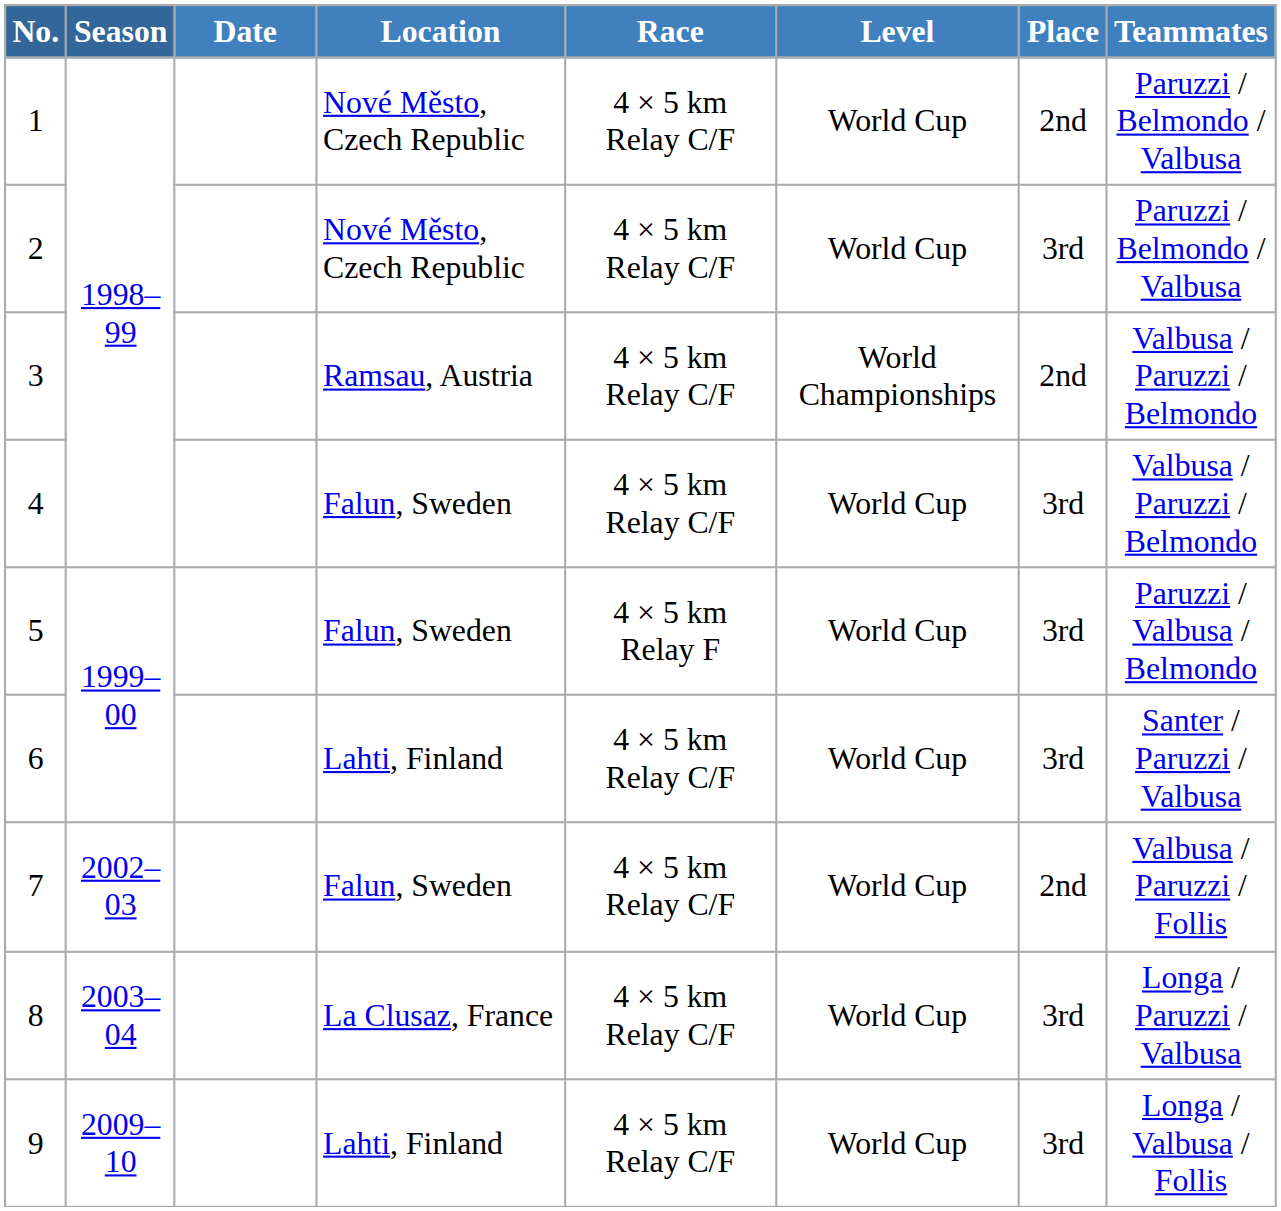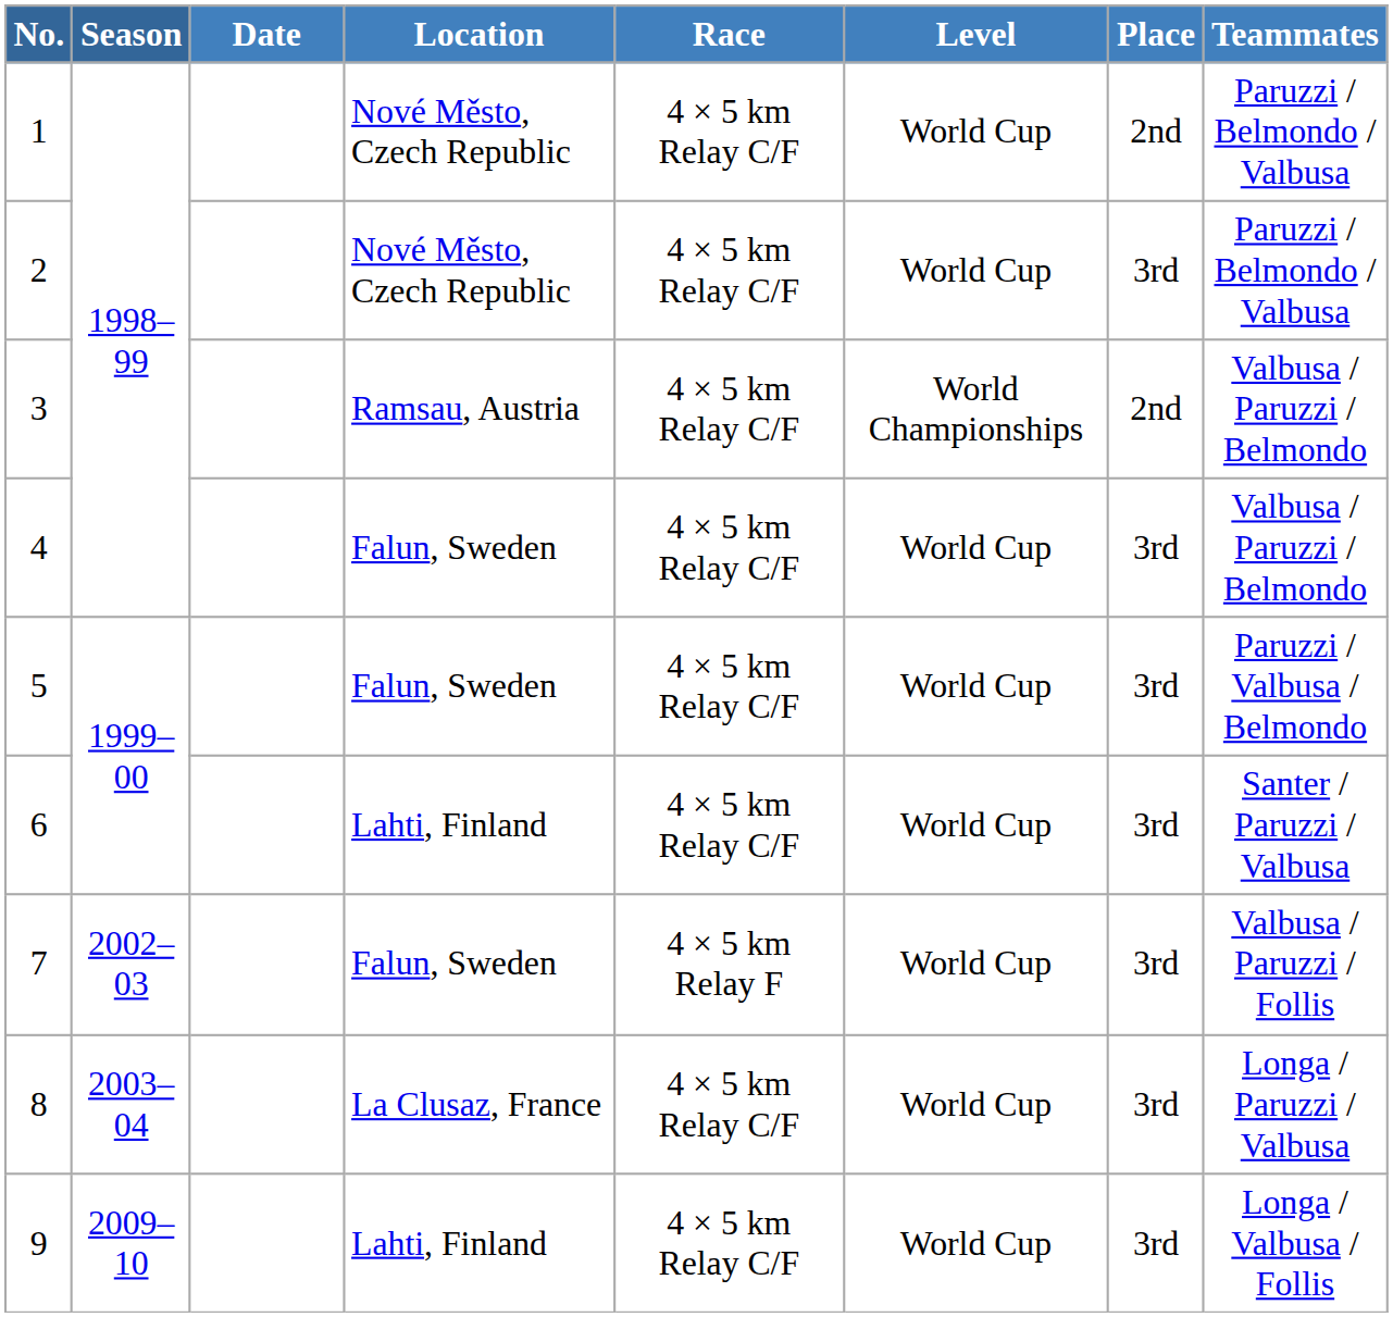 <table class="wikitable sortable" style="font-size:95%; text-align:center; border:grey solid 1px; border-collapse:collapse; background:#ffffff;">
 <tr style="background:#efefef;">
 <th style="background-color:#369; color:white;">No.</th>
 <th style="background-color:#369; color:white;">Season</th>
 <th style="background-color:#4180be; color:white; width:100px;">Date</th>
 <th style="background-color:#4180be; color:white; width:185px;">Location</th>
 <th style="background-color:#4180be; color:white; width:170px;">Race</th>
 <th style="background-color:#4180be; color:white; width:130px;">Level</th>
 <th style="background-color:#4180be; color:white;">Place</th>
 <th style="background-color:#4180be; color:white;">Teammates</th>
 </tr>
 <tr>
 <td>1</td>
 <td rowspan="4"><a href='#'>1998–99</a></td>
 <td style="text-align: right;"></td>
 <td style="text-align: left;"> <a href='#'>Nové Město</a>, Czech Republic</td>
 <td>4 × 5 km Relay C/F</td>
 <td>World Cup</td>
 <td>2nd</td>
 <td><a href='#'>Paruzzi</a> / <a href='#'>Belmondo</a> / <a href='#'>Valbusa</a></td>
 </tr>
 <tr>
 <td>2</td>
 <td style="text-align: right;"></td>
 <td style="text-align: left;"> <a href='#'>Nové Město</a>, Czech Republic</td>
 <td>4 × 5 km Relay C/F</td>
 <td>World Cup</td>
 <td>3rd</td>
 <td><a href='#'>Paruzzi</a> / <a href='#'>Belmondo</a> / <a href='#'>Valbusa</a></td>
 </tr>
 <tr>
 <td>3</td>
 <td style="text-align: right;"></td>
 <td style="text-align: left;"> <a href='#'>Ramsau</a>, Austria</td>
 <td>4 × 5 km Relay C/F</td>
 <td>World Championships</td>
 <td>2nd</td>
 <td><a href='#'>Valbusa</a> / <a href='#'>Paruzzi</a> / <a href='#'>Belmondo</a></td>
 </tr>
 <tr>
 <td>4</td>
 <td style="text-align: right;"></td>
 <td style="text-align: left;"> <a href='#'>Falun</a>, Sweden</td>
 <td>4 × 5 km Relay C/F</td>
 <td>World Cup</td>
 <td>3rd</td>
 <td><a href='#'>Valbusa</a> / <a href='#'>Paruzzi</a> / <a href='#'>Belmondo</a></td>
 </tr>
 <tr>
 <td>5</td>
 <td rowspan="2"><a href='#'>1999–00</a></td>
 <td style="text-align: right;"></td>
 <td style="text-align: left;"> <a href='#'>Falun</a>, Sweden</td>
-<td>4 × 5 km Relay F</td>
+<td>4 × 5 km Relay C/F</td>
 <td>World Cup</td>
 <td>3rd</td>
 <td><a href='#'>Paruzzi</a> / <a href='#'>Valbusa</a> / <a href='#'>Belmondo</a></td>
 </tr>
 <tr>
 <td>6</td>
 <td style="text-align: right;"></td>
 <td style="text-align: left;"> <a href='#'>Lahti</a>, Finland</td>
 <td>4 × 5 km Relay C/F</td>
 <td>World Cup</td>
 <td>3rd</td>
 <td><a href='#'>Santer</a> / <a href='#'>Paruzzi</a> / <a href='#'>Valbusa</a></td>
 </tr>
 <tr>
 <td>7</td>
 <td><a href='#'>2002–03</a></td>
 <td style="text-align: right;"></td>
 <td style="text-align: left;"> <a href='#'>Falun</a>, Sweden</td>
-<td>4 × 5 km Relay C/F</td>
+<td>4 × 5 km Relay F</td>
 <td>World Cup</td>
-<td>2nd</td>
+<td>3rd</td>
 <td><a href='#'>Valbusa</a> / <a href='#'>Paruzzi</a> / <a href='#'>Follis</a></td>
 </tr>
 <tr>
 <td>8</td>
 <td><a href='#'>2003–04</a></td>
 <td style="text-align: right;"></td>
 <td style="text-align: left;"> <a href='#'>La Clusaz</a>, France</td>
 <td>4 × 5 km Relay C/F</td>
 <td>World Cup</td>
 <td>3rd</td>
 <td><a href='#'>Longa</a> / <a href='#'>Paruzzi</a> / <a href='#'>Valbusa</a></td>
 </tr>
 <tr>
 <td>9</td>
 <td><a href='#'>2009–10</a></td>
 <td style="text-align: right;"></td>
 <td style="text-align: left;"> <a href='#'>Lahti</a>, Finland</td>
 <td>4 × 5 km Relay C/F</td>
 <td>World Cup</td>
 <td>3rd</td>
 <td><a href='#'>Longa</a> / <a href='#'>Valbusa</a> / <a href='#'>Follis</a></td>
 </tr>
 </table>
